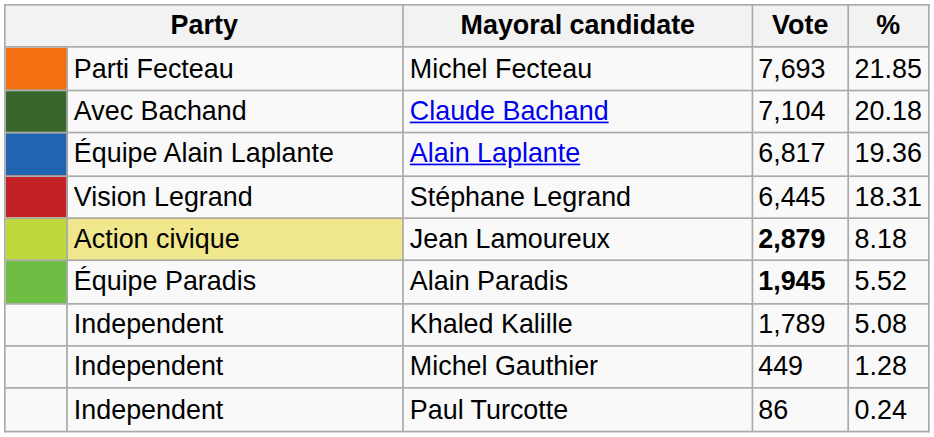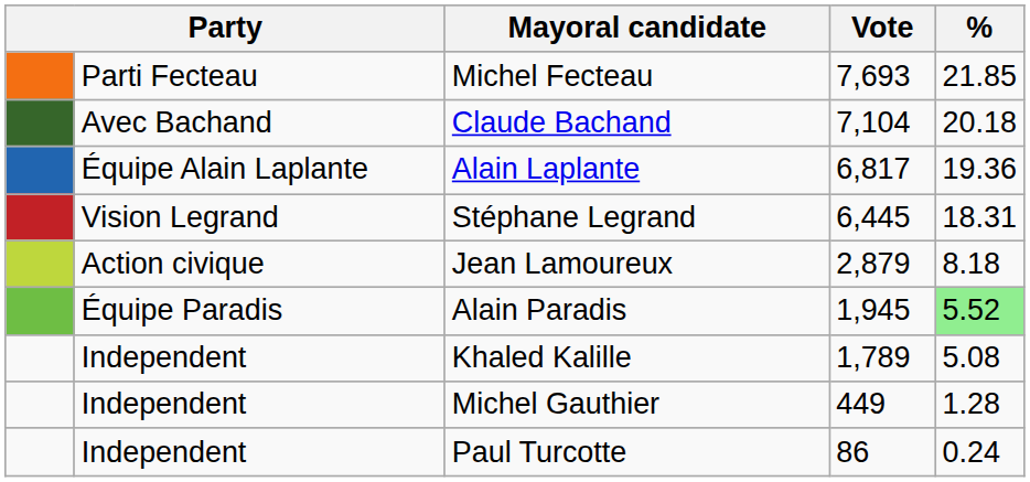 <table class="wikitable">
 <tr>
 <th bgcolor="#DDDDFF" width="230px" colspan="2">Party</th>
 <th bgcolor="#DDDDFF" width="200px">Mayoral candidate</th>
 <th bgcolor="#DDDDFF" width="50px">Vote</th>
 <th bgcolor="#DDDDFF" width="30px">%</th>
 </tr>
 <tr>
 <td bgcolor=#F46F12  width="30px"> </td>
 <td>Parti Fecteau</td>
 <td>Michel Fecteau</td>
 <td>7,693</td>
 <td>21.85</td>
 </tr>
 <tr>
 <td bgcolor=#36662A  width="30px"> </td>
 <td>Avec Bachand</td>
 <td><a href='#'>Claude Bachand</a></td>
 <td>7,104</td>
 <td>20.18</td>
 </tr>
 <tr>
 <td bgcolor=#2165B0  width="30px"> </td>
 <td>Équipe Alain Laplante</td>
 <td><a href='#'>Alain Laplante</a></td>
 <td>6,817</td>
 <td>19.36</td>
 </tr>
 <tr>
 <td bgcolor=#C22126 width="30px"> </td>
 <td>Vision Legrand</td>
 <td>Stéphane Legrand</td>
 <td>6,445</td>
 <td>18.31</td>
 </tr>
 <tr>
 <td bgcolor=#BED73D  width="30px"> </td>
-<td style="background: khaki;">Action civique</td>
+<td>Action civique</td>
 <td>Jean Lamoureux</td>
-<td><strong>2,879</strong></td>
+<td>2,879</td>
 <td>8.18</td>
 </tr>
 <tr>
 <td bgcolor=#6EBE44 width="30px"> </td>
 <td>Équipe Paradis</td>
 <td>Alain Paradis</td>
-<td><strong>1,945</strong></td>
-<td>5.52</td>
+<td>1,945</td>
+<td style="background: lightgreen;">5.52</td>
 </tr>
 <tr>
 <td> </td>
 <td>Independent</td>
 <td>Khaled Kalille</td>
 <td>1,789</td>
 <td>5.08</td>
 </tr>
 <tr>
 <td> </td>
 <td>Independent</td>
 <td>Michel Gauthier</td>
 <td>449</td>
 <td>1.28</td>
 </tr>
 <tr>
 <td> </td>
 <td>Independent</td>
 <td>Paul Turcotte</td>
 <td>86</td>
 <td>0.24</td>
 </tr>
 </table>
